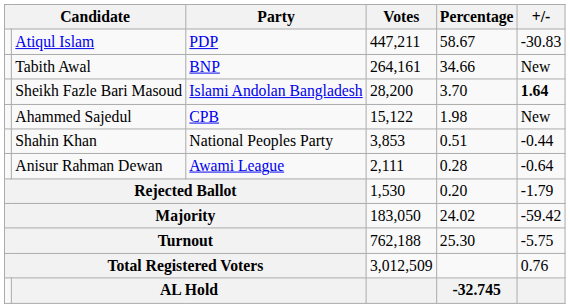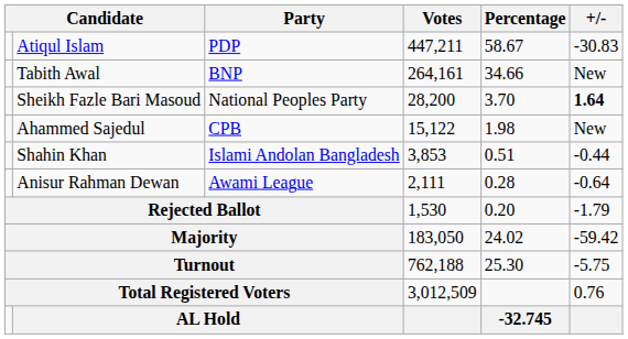 <table class="wikitable">
 <tr>
 <th colspan=2>Candidate</th>
 <th>Party</th>
 <th>Votes</th>
 <th>Percentage</th>
 <th>+/-</th>
 </tr>
 <tr>
 <td style="background-color:"></td>
 <td><a href='#'>Atiqul Islam</a></td>
 <td><a href='#'>PDP</a></td>
 <td>447,211</td>
 <td>58.67</td>
 <td>-30.83</td>
 </tr>
 <tr>
 <td style="background-color:"></td>
 <td>Tabith Awal</td>
 <td><a href='#'>BNP</a></td>
 <td>264,161</td>
 <td>34.66</td>
 <td>New</td>
 </tr>
 <tr>
 <td style="background-color:"></td>
 <td>Sheikh Fazle Bari Masoud</td>
-<td><a href='#'>Islami Andolan Bangladesh</a></td>
+<td>National Peoples Party</td>
 <td>28,200</td>
 <td>3.70</td>
 <td><strong>1.64</strong></td>
 </tr>
 <tr>
 <td style="background-color:"></td>
 <td>Ahammed Sajedul</td>
 <td><a href='#'>CPB</a></td>
 <td>15,122</td>
 <td>1.98</td>
 <td>New</td>
 </tr>
 <tr>
 <td style="background-color:"></td>
 <td>Shahin Khan</td>
-<td>National Peoples Party</td>
+<td><a href='#'>Islami Andolan Bangladesh</a></td>
 <td>3,853</td>
 <td>0.51</td>
 <td>-0.44</td>
 </tr>
 <tr>
 <td style="background-color:"></td>
 <td>Anisur Rahman Dewan</td>
 <td><a href='#'>Awami League</a></td>
 <td>2,111</td>
 <td>0.28</td>
 <td>-0.64</td>
 </tr>
 <tr>
 <th colspan=3>Rejected Ballot</th>
 <td>1,530</td>
 <td>0.20</td>
 <td>-1.79</td>
 </tr>
 <tr>
 <th colspan=3>Majority</th>
 <td>183,050</td>
 <td>24.02</td>
 <td>-59.42</td>
 </tr>
 <tr>
 <th colspan=3>Turnout</th>
 <td>762,188</td>
 <td>25.30</td>
 <td>-5.75</td>
 </tr>
 <tr>
 <th colspan=3>Total Registered Voters</th>
 <td>3,012,509</td>
 <td></td>
 <td> 0.76</td>
 </tr>
 <tr>
 <td style="background-color:"></td>
 <th align=left colspan=2>AL Hold</th>
 <th></th>
 <th align=left>-32.745</th>
 <th></th>
 </tr>
 </table>
